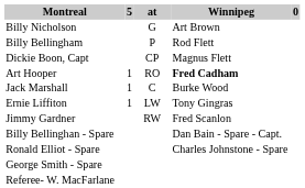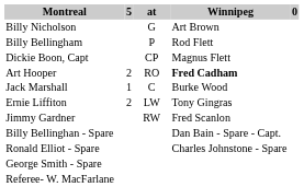 <table cellpadding=2 cellspacing=0 border=0>
 <tr bgcolor=#cccccc>
 <th width=170>Montreal</th>
 <th>5</th>
 <th width=50>at</th>
 <th width=170>Winnipeg</th>
 <th>0</th>
 </tr>
 <tr>
 <td>Billy Nicholson</td>
 <td></td>
 <td align=center>G</td>
 <td>Art Brown</td>
 <td></td>
 <td></td>
 </tr>
 <tr>
 <td>Billy Bellingham</td>
 <td></td>
 <td align=center>P</td>
 <td>Rod Flett</td>
 <td></td>
 <td></td>
 </tr>
 <tr>
 <td>Dickie Boon, Capt</td>
 <td></td>
 <td align=center>CP</td>
 <td>Magnus Flett</td>
 <td></td>
 <td></td>
 </tr>
 <tr>
 <td>Art Hooper</td>
-<td>1</td>
+<td>2</td>
 <td align=center>RO</td>
 <td><strong>Fred Cadham</strong></td>
 <td></td>
 <td></td>
 </tr>
 <tr>
 <td>Jack Marshall</td>
 <td>1</td>
 <td align=center>C</td>
 <td>Burke Wood</td>
 <td></td>
 <td></td>
 </tr>
 <tr>
 <td>Ernie Liffiton</td>
-<td>1</td>
+<td>2</td>
 <td align=center>LW</td>
 <td>Tony Gingras</td>
 <td></td>
 <td></td>
 </tr>
 <tr>
 <td>Jimmy Gardner</td>
 <td></td>
 <td align=center>RW</td>
 <td>Fred Scanlon</td>
 <td></td>
 <td></td>
 </tr>
 <tr>
 <td>Billy Bellinghan - Spare</td>
 <td></td>
 <td align=center></td>
 <td>Dan Bain - Spare - Capt.</td>
 <td></td>
 <td></td>
 </tr>
 <tr>
 <td>Ronald Elliot - Spare</td>
 <td></td>
 <td align=center></td>
 <td>Charles Johnstone - Spare</td>
 <td></td>
 <td></td>
 </tr>
 <tr>
 <td>George Smith - Spare</td>
 <td></td>
 <td align=center></td>
 <td></td>
 <td></td>
 <td></td>
 </tr>
 <tr>
 <td colspan="5">Referee- W. MacFarlane</td>
 </tr>
 <tr>
 </tr>
 </table>
